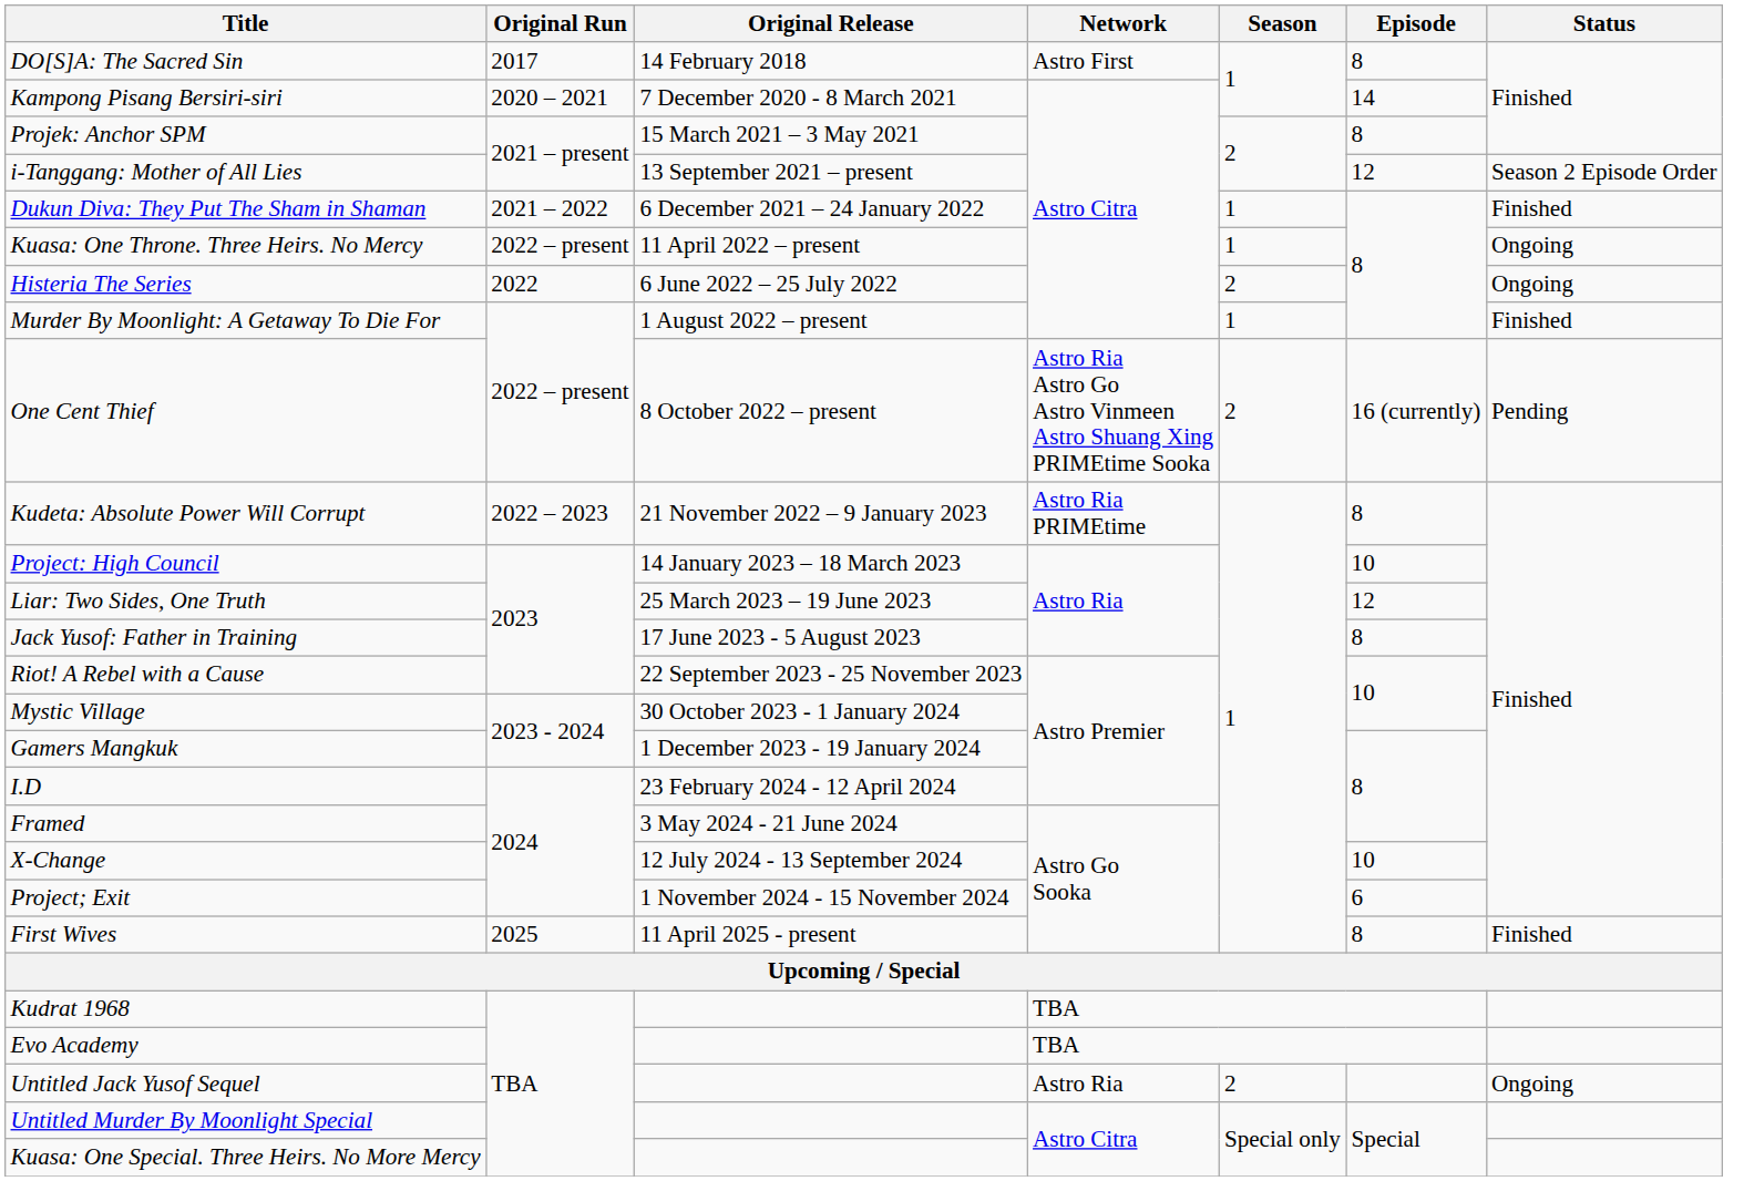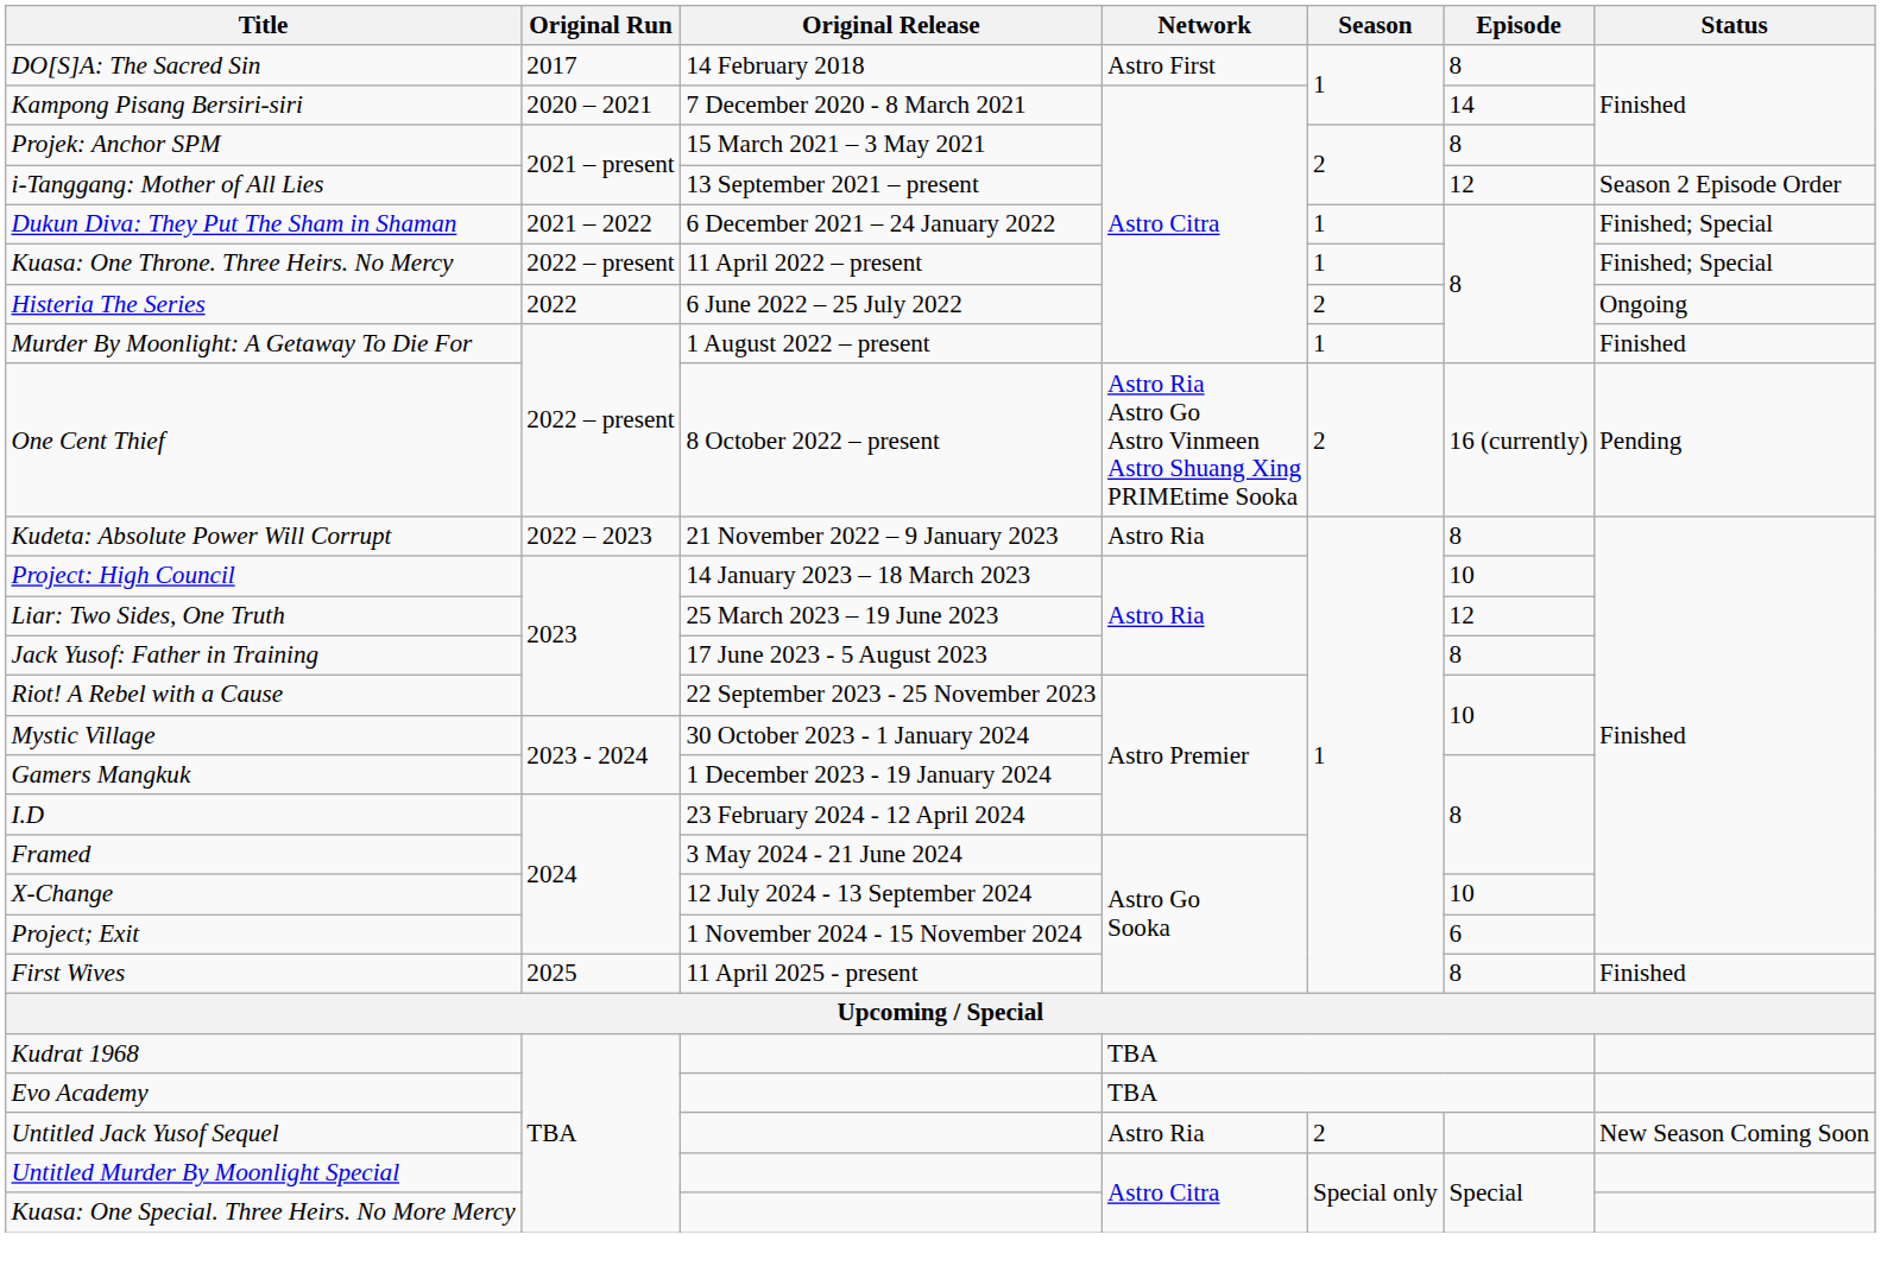 <table class="wikitable sortable">
 <tr>
 <th>Title</th>
 <th>Original Run</th>
 <th>Original Release</th>
 <th>Network</th>
 <th>Season</th>
 <th>Episode</th>
 <th>Status</th>
 </tr>
 <tr>
 <td><em>DO[S]A: The Sacred Sin</em></td>
 <td>2017</td>
 <td>14 February 2018</td>
 <td>Astro First</td>
 <td rowspan="2">1</td>
 <td>8</td>
 <td rowspan="3">Finished</td>
 </tr>
 <tr>
 <td><em>Kampong Pisang Bersiri-siri</em></td>
 <td>2020 – 2021</td>
 <td>7 December 2020 - 8 March 2021</td>
 <td rowspan="7"><a href='#'>Astro Citra</a></td>
 <td>14</td>
 </tr>
 <tr>
 <td><em>Projek: Anchor SPM</em></td>
 <td rowspan="2">2021 – present</td>
 <td>15 March 2021 – 3 May 2021</td>
 <td rowspan="2">2</td>
 <td>8</td>
 </tr>
 <tr>
 <td><em>i-Tanggang: Mother of All Lies</em></td>
 <td>13 September 2021 – present</td>
 <td>12</td>
 <td>Season 2 Episode Order</td>
 </tr>
 <tr>
 <td><a href='#'><em>Dukun Diva: They Put The Sham in Shaman</em></a></td>
 <td>2021 – 2022</td>
 <td>6 December 2021 – 24 January 2022</td>
 <td>1</td>
 <td rowspan="4">8</td>
-<td>Finished</td>
+<td>Finished; Special</td>
 </tr>
 <tr>
 <td><em>Kuasa: One Throne. Three Heirs. No Mercy</em></td>
 <td>2022 – present</td>
 <td>11 April 2022 – present</td>
 <td>1</td>
-<td>Ongoing</td>
+<td>Finished; Special</td>
 </tr>
 <tr>
 <td><a href='#'><em>Histeria The Series</em></a></td>
 <td>2022</td>
 <td>6 June 2022 – 25 July 2022</td>
 <td>2</td>
 <td>Ongoing</td>
 </tr>
 <tr>
 <td><em>Murder By Moonlight: A Getaway To Die For</em></td>
 <td rowspan="2">2022 – present</td>
 <td>1 August 2022 – present</td>
 <td>1</td>
 <td>Finished</td>
 </tr>
 <tr>
 <td><em>One Cent Thief</em></td>
 <td>8 October 2022 – present</td>
 <td><a href='#'>Astro Ria</a><br>Astro Go<br>Astro Vinmeen<br><a href='#'>Astro Shuang Xing</a><br>PRIMEtime Sooka</td>
 <td>2</td>
 <td>16 (currently)</td>
 <td>Pending</td>
 </tr>
 <tr>
 <td><em>Kudeta: Absolute Power Will Corrupt</em></td>
 <td>2022 – 2023</td>
 <td>21 November 2022 – 9 January 2023</td>
-<td><a href='#'>Astro Ria</a><br>PRIMEtime</td>
+<td>Astro Ria</td>
 <td rowspan="12">1</td>
 <td>8</td>
 <td rowspan="11">Finished</td>
 </tr>
 <tr>
 <td><a href='#'><em>Project: High Council</em></a></td>
 <td rowspan="4">2023</td>
 <td>14 January 2023 – 18 March 2023</td>
 <td rowspan="3"><a href='#'>Astro Ria</a></td>
 <td>10</td>
 </tr>
 <tr>
 <td><em>Liar: Two Sides, One Truth</em></td>
 <td>25 March 2023 – 19 June 2023</td>
 <td>12</td>
 </tr>
 <tr>
 <td><em>Jack Yusof: Father in Training</em></td>
 <td>17 June 2023 - 5 August 2023</td>
 <td>8</td>
 </tr>
 <tr>
 <td><em>Riot! A Rebel with a Cause</em></td>
 <td>22 September 2023 - 25 November 2023</td>
 <td rowspan="4">Astro Premier</td>
 <td rowspan="2">10</td>
 </tr>
 <tr>
 <td><em>Mystic Village</em></td>
 <td rowspan="2">2023 - 2024</td>
 <td>30 October 2023 - 1 January 2024</td>
 </tr>
 <tr>
 <td><em>Gamers Mangkuk</em></td>
 <td>1 December 2023 - 19 January 2024</td>
 <td rowspan="3">8</td>
 </tr>
 <tr>
 <td><em>I.D</em></td>
 <td rowspan="4">2024</td>
 <td>23 February 2024 - 12 April 2024</td>
 </tr>
 <tr>
 <td><em>Framed</em></td>
 <td>3 May 2024 - 21 June 2024</td>
 <td rowspan="4">Astro Go<br>Sooka</td>
 </tr>
 <tr>
 <td><em>X-Change</em></td>
 <td>12 July 2024 - 13 September 2024</td>
 <td>10</td>
 </tr>
 <tr>
 <td><em>Project; Exit</em></td>
 <td>1 November 2024 - 15 November 2024</td>
 <td>6</td>
 </tr>
 <tr>
 <td><em>First Wives</em></td>
 <td>2025</td>
 <td>11 April 2025 - present</td>
 <td>8</td>
 <td>Finished</td>
 </tr>
 <tr>
 <th colspan="7">Upcoming / Special</th>
 </tr>
 <tr>
 <td><em>Kudrat 1968</em></td>
 <td rowspan="5">TBA</td>
 <td></td>
 <td colspan="3">TBA</td>
 <td></td>
 </tr>
 <tr>
 <td><em>Evo Academy</em></td>
 <td></td>
 <td colspan="3">TBA</td>
 <td></td>
 </tr>
 <tr>
 <td><em>Untitled Jack Yusof Sequel</em></td>
 <td></td>
 <td>Astro Ria</td>
 <td>2</td>
 <td></td>
-<td>Ongoing</td>
+<td>New Season Coming Soon</td>
 </tr>
 <tr>
 <td><a href='#'><em>Untitled Murder By Moonlight Special</em></a></td>
 <td></td>
 <td rowspan="2"><a href='#'>Astro Citra</a></td>
 <td rowspan="2">Special only</td>
 <td rowspan="2">Special</td>
 <td></td>
 </tr>
 <tr>
 <td><em>Kuasa: One Special. Three Heirs. No More Mercy</em></td>
 <td></td>
 <td></td>
 </tr>
 </table>
